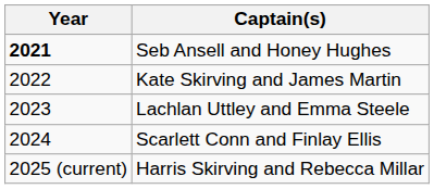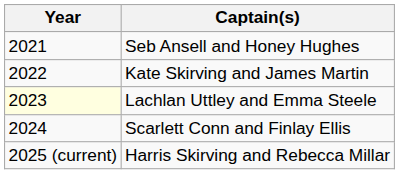 <table class="wikitable">
 <tr>
 <th>Year</th>
 <th>Captain(s)</th>
 </tr>
 <tr>
-<td><strong>2021</strong></td>
+<td>2021</td>
 <td>Seb Ansell and Honey Hughes</td>
 </tr>
 <tr>
 <td>2022</td>
 <td>Kate Skirving and James Martin</td>
 </tr>
 <tr>
-<td>2023</td>
+<td style="background: lightyellow;">2023</td>
 <td>Lachlan Uttley and Emma Steele</td>
 </tr>
 <tr>
 <td>2024</td>
 <td>Scarlett Conn and Finlay Ellis</td>
 </tr>
 <tr>
 <td>2025 (current)</td>
 <td>Harris Skirving and Rebecca Millar</td>
 </tr>
 </table>
